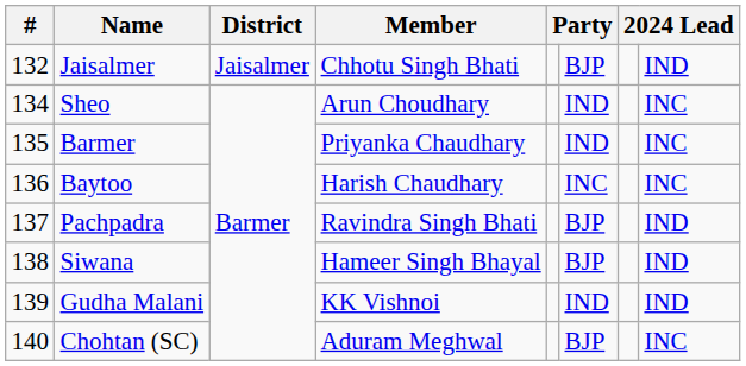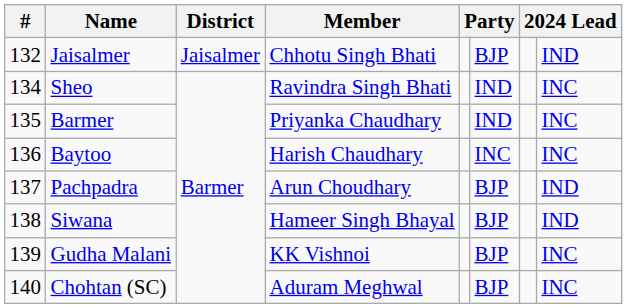 <table class="wikitable">
 <tr>
 <th>#</th>
 <th>Name</th>
 <th>District</th>
 <th>Member</th>
 <th colspan="2">Party</th>
 <th colspan="2">2024 Lead</th>
 </tr>
 <tr>
 <td>132</td>
 <td><a href='#'>Jaisalmer</a></td>
 <td><a href='#'>Jaisalmer</a></td>
 <td><a href='#'>Chhotu Singh Bhati</a></td>
 <td style="background-color: "></td>
 <td><a href='#'>BJP</a></td>
 <td style="background-color: "></td>
 <td><a href='#'>IND</a></td>
 </tr>
 <tr>
 <td>134</td>
 <td><a href='#'>Sheo</a></td>
 <td rowspan="7"><a href='#'>Barmer</a></td>
-<td><a href='#'>Arun Choudhary</a></td>
+<td><a href='#'>Ravindra Singh Bhati</a></td>
 <td style="background-color: "></td>
 <td><a href='#'>IND</a></td>
 <td style="background-color: "></td>
 <td><a href='#'>INC</a></td>
 </tr>
 <tr>
 <td>135</td>
 <td><a href='#'>Barmer</a></td>
 <td><a href='#'>Priyanka Chaudhary</a></td>
 <td style="background-color: "></td>
 <td><a href='#'>IND</a></td>
 <td style="background-color: "></td>
 <td><a href='#'>INC</a></td>
 </tr>
 <tr>
 <td>136</td>
 <td><a href='#'>Baytoo</a></td>
 <td><a href='#'>Harish Chaudhary</a></td>
 <td style="background-color: "></td>
 <td><a href='#'>INC</a></td>
 <td style="background-color: "></td>
 <td><a href='#'>INC</a></td>
 </tr>
 <tr>
 <td>137</td>
 <td><a href='#'>Pachpadra</a></td>
-<td><a href='#'>Ravindra Singh Bhati</a></td>
+<td><a href='#'>Arun Choudhary</a></td>
 <td style="background-color: "></td>
 <td><a href='#'>BJP</a></td>
 <td style="background-color: "></td>
 <td><a href='#'>IND</a></td>
 </tr>
 <tr>
 <td>138</td>
 <td><a href='#'>Siwana</a></td>
 <td><a href='#'>Hameer Singh Bhayal</a></td>
 <td style="background-color: "></td>
 <td><a href='#'>BJP</a></td>
 <td style="background-color: "></td>
 <td><a href='#'>IND</a></td>
 </tr>
 <tr>
 <td>139</td>
 <td><a href='#'>Gudha Malani</a></td>
 <td><a href='#'>KK Vishnoi</a></td>
 <td style="background-color: "></td>
-<td><a href='#'>IND</a></td>
+<td><a href='#'>BJP</a></td>
 <td style="background-color: "></td>
-<td><a href='#'>IND</a></td>
+<td><a href='#'>INC</a></td>
 </tr>
 <tr>
 <td>140</td>
 <td><a href='#'>Chohtan</a> (SC)</td>
 <td><a href='#'>Aduram Meghwal</a></td>
 <td style="background-color: "></td>
 <td><a href='#'>BJP</a></td>
 <td style="background-color: "></td>
 <td><a href='#'>INC</a></td>
 </tr>
 </table>
